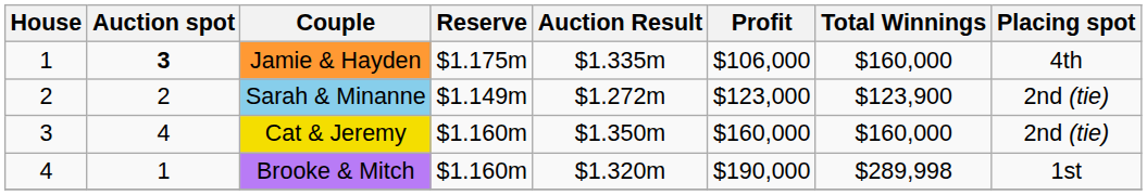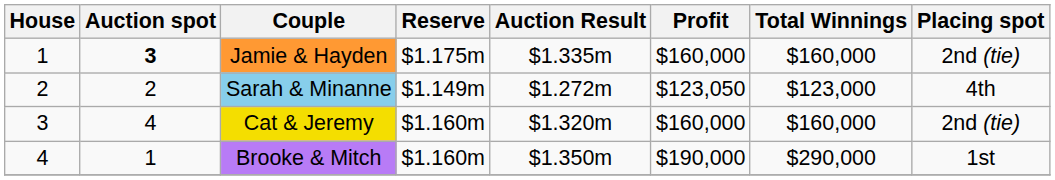 <table class="wikitable" style="text-align: center" |>
 <tr>
 <th>House</th>
 <th>Auction spot</th>
 <th>Couple</th>
 <th>Reserve</th>
 <th>Auction Result</th>
 <th>Profit</th>
 <th>Total Winnings</th>
 <th>Placing spot</th>
 </tr>
 <tr>
 <td>1</td>
 <td><strong>3</strong></td>
 <td style="background-color:#FF9933;">Jamie & Hayden</td>
 <td>$1.175m</td>
 <td>$1.335m</td>
-<td>$106,000</td>
 <td>$160,000</td>
-<td>4th</td>
+<td>$160,000</td>
+<td>2nd <em>(tie)</em></td>
 </tr>
 <tr>
 <td>2</td>
 <td>2</td>
 <td style="background-color:skyblue;">Sarah & Minanne</td>
 <td>$1.149m</td>
 <td>$1.272m</td>
+<td>$123,050</td>
 <td>$123,000</td>
-<td>$123,900</td>
-<td>2nd <em>(tie)</em></td>
+<td>4th</td>
 </tr>
 <tr>
 <td>3</td>
 <td>4</td>
 <td style='background:#f4de00;'>Cat & Jeremy</td>
 <td>$1.160m</td>
-<td>$1.350m</td>
+<td>$1.320m</td>
 <td>$160,000</td>
 <td>$160,000</td>
 <td>2nd <em>(tie)</em></td>
 </tr>
 <tr>
 <td>4</td>
 <td>1</td>
 <td style='background:#B87BF6;'>Brooke & Mitch</td>
 <td>$1.160m</td>
-<td>$1.320m</td>
+<td>$1.350m</td>
 <td>$190,000</td>
-<td>$289,998</td>
+<td>$290,000</td>
 <td>1st</td>
 </tr>
 <tr>
 </tr>
 </table>
